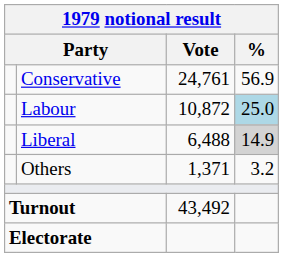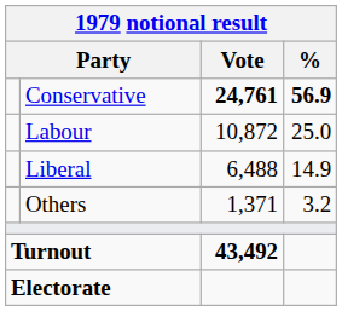 <table class="wikitable">
 <tr>
 <th colspan="4"><a href='#'>1979</a> <a href='#'>notional result</a></th>
 </tr>
 <tr>
 <th bgcolor="#DDDDFF" width="130px" colspan="2">Party</th>
 <th bgcolor="#DDDDFF" width="50px">Vote</th>
 <th bgcolor="#DDDDFF" width="30px">%</th>
 </tr>
 <tr>
 <td></td>
 <td><a href='#'>Conservative</a></td>
-<td align=right>24,761</td>
-<td align=right>56.9</td>
+<td align=right><strong>24,761</strong></td>
+<td align=right><strong>56.9</strong></td>
 </tr>
 <tr>
 <td></td>
 <td><a href='#'>Labour</a></td>
 <td align=right>10,872</td>
-<td align=right style="background: lightblue;">25.0</td>
+<td align=right>25.0</td>
 </tr>
 <tr>
 <td></td>
 <td><a href='#'>Liberal</a></td>
 <td align=right>6,488</td>
-<td align=right style="background: lightgrey;">14.9</td>
+<td align=right>14.9</td>
 </tr>
 <tr>
 <td></td>
 <td>Others</td>
 <td align=right>1,371</td>
 <td align=right>3.2</td>
 </tr>
 <tr>
 <td colspan="4" bgcolor="#EAECF0"></td>
 </tr>
 <tr>
 <td colspan="2"><strong>Turnout</strong></td>
-<td align=right>43,492</td>
+<td align=right><strong>43,492</strong></td>
 <td align=right></td>
 </tr>
 <tr>
 <td colspan="2"><strong>Electorate</strong></td>
 <td align=right></td>
 </tr>
 </table>
